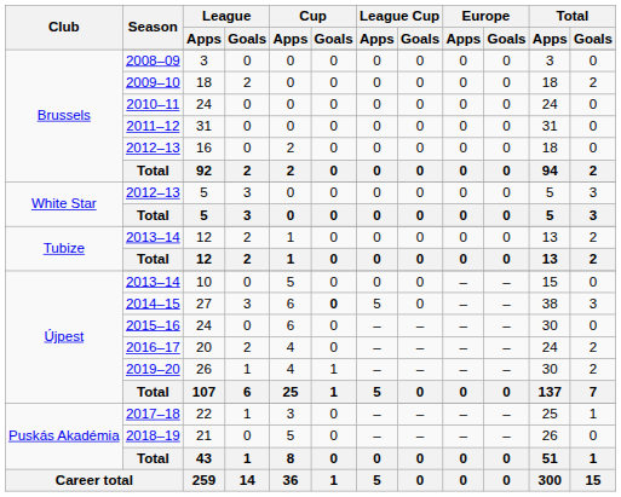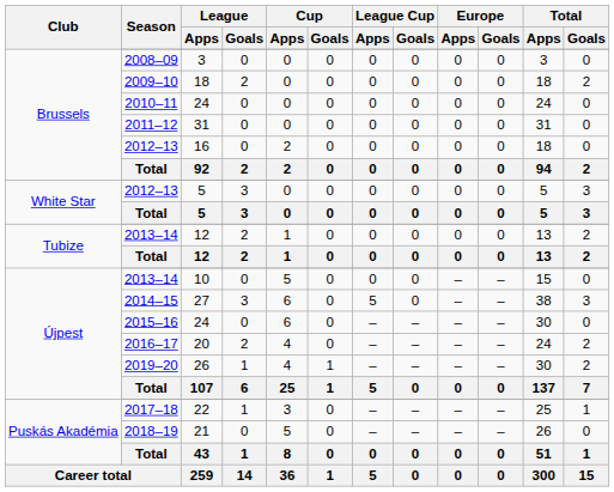 <table class="wikitable" style="text-align: center">
 <tr>
 <th rowspan="2">Club</th>
 <th rowspan="2">Season</th>
 <th colspan="2">League</th>
 <th colspan="2">Cup</th>
 <th colspan="2">League Cup</th>
 <th colspan="2">Europe</th>
 <th colspan="2">Total</th>
 </tr>
 <tr>
 <th>Apps</th>
 <th>Goals</th>
 <th>Apps</th>
 <th>Goals</th>
 <th>Apps</th>
 <th>Goals</th>
 <th>Apps</th>
 <th>Goals</th>
 <th>Apps</th>
 <th>Goals</th>
 </tr>
 <tr ||-||-||-|->
 <td rowspan="7"><a href='#'>Brussels</a></td>
 </tr>
 <tr>
 <td><a href='#'>2008–09</a></td>
 <td>3</td>
 <td>0</td>
 <td>0</td>
 <td>0</td>
 <td>0</td>
 <td>0</td>
 <td>0</td>
 <td>0</td>
 <td>3</td>
 <td>0</td>
 </tr>
 <tr>
 <td><a href='#'>2009–10</a></td>
 <td>18</td>
 <td>2</td>
 <td>0</td>
 <td>0</td>
 <td>0</td>
 <td>0</td>
 <td>0</td>
 <td>0</td>
 <td>18</td>
 <td>2</td>
 </tr>
 <tr>
 <td><a href='#'>2010–11</a></td>
 <td>24</td>
 <td>0</td>
 <td>0</td>
 <td>0</td>
 <td>0</td>
 <td>0</td>
 <td>0</td>
 <td>0</td>
 <td>24</td>
 <td>0</td>
 </tr>
 <tr>
 <td><a href='#'>2011–12</a></td>
 <td>31</td>
 <td>0</td>
 <td>0</td>
 <td>0</td>
 <td>0</td>
 <td>0</td>
 <td>0</td>
 <td>0</td>
 <td>31</td>
 <td>0</td>
 </tr>
 <tr>
 <td><a href='#'>2012–13</a></td>
 <td>16</td>
 <td>0</td>
 <td>2</td>
 <td>0</td>
 <td>0</td>
 <td>0</td>
 <td>0</td>
 <td>0</td>
 <td>18</td>
 <td>0</td>
 </tr>
 <tr>
 <th>Total</th>
 <th>92</th>
 <th>2</th>
 <th>2</th>
 <th>0</th>
 <th>0</th>
 <th>0</th>
 <th>0</th>
 <th>0</th>
 <th>94</th>
 <th>2</th>
 </tr>
 <tr>
 <td rowspan="3"><a href='#'>White Star</a></td>
 </tr>
 <tr>
 <td><a href='#'>2012–13</a></td>
 <td>5</td>
 <td>3</td>
 <td>0</td>
 <td>0</td>
 <td>0</td>
 <td>0</td>
 <td>0</td>
 <td>0</td>
 <td>5</td>
 <td>3</td>
 </tr>
 <tr>
 <th>Total</th>
 <th>5</th>
 <th>3</th>
 <th>0</th>
 <th>0</th>
 <th>0</th>
 <th>0</th>
 <th>0</th>
 <th>0</th>
 <th>5</th>
 <th>3</th>
 </tr>
 <tr>
 <td rowspan="3"><a href='#'>Tubize</a></td>
 </tr>
 <tr>
 <td><a href='#'>2013–14</a></td>
 <td>12</td>
 <td>2</td>
 <td>1</td>
 <td>0</td>
 <td>0</td>
 <td>0</td>
 <td>0</td>
 <td>0</td>
 <td>13</td>
 <td>2</td>
 </tr>
 <tr>
 <th>Total</th>
 <th>12</th>
 <th>2</th>
 <th>1</th>
 <th>0</th>
 <th>0</th>
 <th>0</th>
 <th>0</th>
 <th>0</th>
 <th>13</th>
 <th>2</th>
 </tr>
 <tr>
 <td rowspan="7"><a href='#'>Újpest</a></td>
 </tr>
 <tr>
 <td><a href='#'>2013–14</a></td>
 <td>10</td>
 <td>0</td>
 <td>5</td>
 <td>0</td>
 <td>0</td>
 <td>0</td>
 <td>–</td>
 <td>–</td>
 <td>15</td>
 <td>0</td>
 </tr>
 <tr>
 <td><a href='#'>2014–15</a></td>
 <td>27</td>
 <td>3</td>
 <td>6</td>
-<td><strong>0</strong></td>
+<td>0</td>
 <td>5</td>
 <td>0</td>
 <td>–</td>
 <td>–</td>
 <td>38</td>
 <td>3</td>
 </tr>
 <tr>
 <td><a href='#'>2015–16</a></td>
 <td>24</td>
 <td>0</td>
 <td>6</td>
 <td>0</td>
 <td>–</td>
 <td>–</td>
 <td>–</td>
 <td>–</td>
 <td>30</td>
 <td>0</td>
 </tr>
 <tr>
 <td><a href='#'>2016–17</a></td>
 <td>20</td>
 <td>2</td>
 <td>4</td>
 <td>0</td>
 <td>–</td>
 <td>–</td>
 <td>–</td>
 <td>–</td>
 <td>24</td>
 <td>2</td>
 </tr>
 <tr>
 <td><a href='#'>2019–20</a></td>
 <td>26</td>
 <td>1</td>
 <td>4</td>
 <td>1</td>
 <td>–</td>
 <td>–</td>
 <td>–</td>
 <td>–</td>
 <td>30</td>
 <td>2</td>
 </tr>
 <tr>
 <th>Total</th>
 <th>107</th>
 <th>6</th>
 <th>25</th>
 <th>1</th>
 <th>5</th>
 <th>0</th>
 <th>0</th>
 <th>0</th>
 <th>137</th>
 <th>7</th>
 </tr>
 <tr>
 <td rowspan="4"><a href='#'>Puskás Akadémia</a></td>
 </tr>
 <tr>
 <td><a href='#'>2017–18</a></td>
 <td>22</td>
 <td>1</td>
 <td>3</td>
 <td>0</td>
 <td>–</td>
 <td>–</td>
 <td>–</td>
 <td>–</td>
 <td>25</td>
 <td>1</td>
 </tr>
 <tr>
 <td><a href='#'>2018–19</a></td>
 <td>21</td>
 <td>0</td>
 <td>5</td>
 <td>0</td>
 <td>–</td>
 <td>–</td>
 <td>–</td>
 <td>–</td>
 <td>26</td>
 <td>0</td>
 </tr>
 <tr>
 <th>Total</th>
 <th>43</th>
 <th>1</th>
 <th>8</th>
 <th>0</th>
 <th>0</th>
 <th>0</th>
 <th>0</th>
 <th>0</th>
 <th>51</th>
 <th>1</th>
 </tr>
 <tr>
 <th colspan="2">Career total</th>
 <th>259</th>
 <th>14</th>
 <th>36</th>
 <th>1</th>
 <th>5</th>
 <th>0</th>
 <th>0</th>
 <th>0</th>
 <th>300</th>
 <th>15</th>
 </tr>
 </table>
